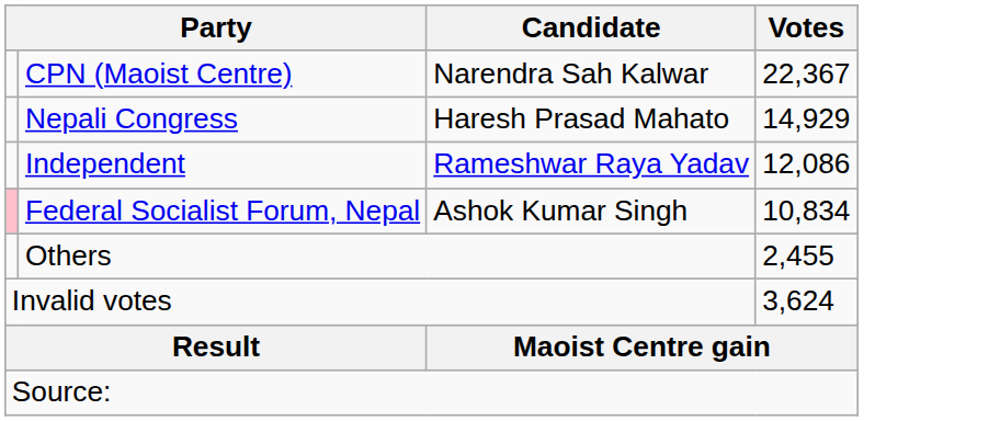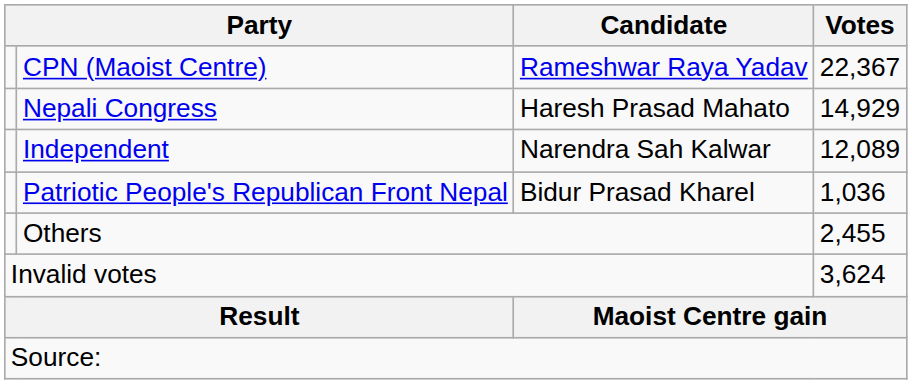 <table class="wikitable">
 <tr>
 <th colspan="2">Party</th>
 <th>Candidate</th>
 <th>Votes</th>
 </tr>
 <tr>
 <td style="background-color:"></td>
 <td><a href='#'>CPN (Maoist Centre)</a></td>
-<td>Narendra Sah Kalwar</td>
+<td><a href='#'>Rameshwar Raya Yadav</a></td>
 <td>22,367</td>
 </tr>
 <tr>
 <td style="background-color:"></td>
 <td><a href='#'>Nepali Congress</a></td>
 <td>Haresh Prasad Mahato</td>
 <td>14,929</td>
 </tr>
 <tr>
 <td style="background-color:"></td>
 <td><a href='#'>Independent</a></td>
-<td><a href='#'>Rameshwar Raya Yadav</a></td>
-<td>12,086</td>
+<td>Narendra Sah Kalwar</td>
+<td>12,089</td>
 </tr>
 <tr>
-<td style="background-color:pink"></td>
-<td><a href='#'>Federal Socialist Forum, Nepal</a></td>
-<td>Ashok Kumar Singh</td>
-<td>10,834</td>
+<td></td>
+<td><a href='#'>Patriotic People's Republican Front Nepal</a></td>
+<td>Bidur Prasad Kharel</td>
+<td>1,036</td>
 </tr>
 <tr>
 <td></td>
 <td colspan="2">Others</td>
 <td>2,455</td>
 </tr>
 <tr>
 <td colspan="3">Invalid votes</td>
 <td>3,624</td>
 </tr>
 <tr>
 <th colspan="2">Result</th>
 <th colspan="2">Maoist Centre gain</th>
 </tr>
 <tr>
 <td colspan="4">Source: </td>
 </tr>
 </table>
